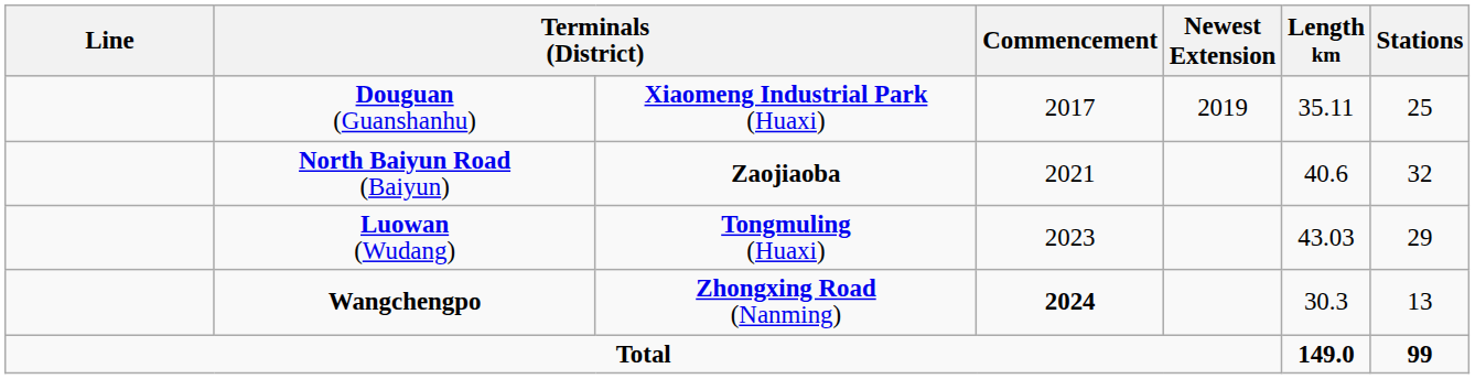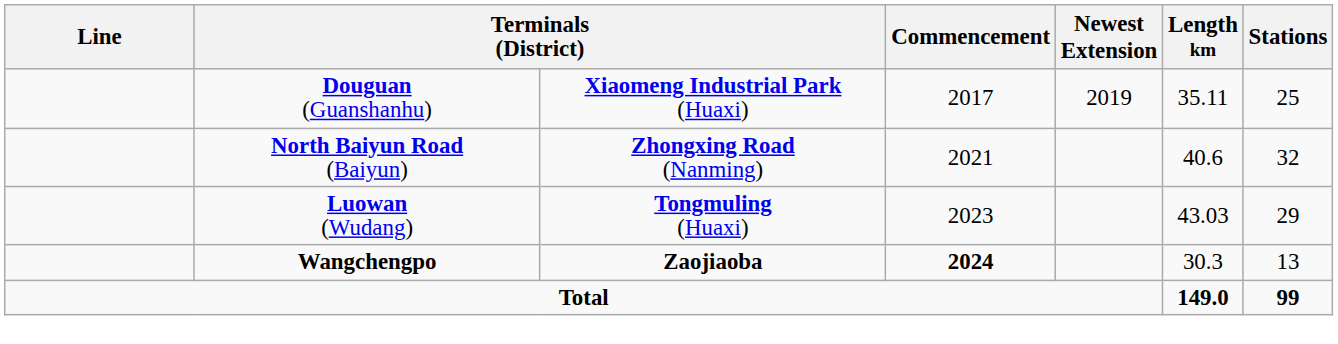 <table class="wikitable sortable" style="cell-padding:1.5; font-size:96%; text-align:center;">
 <tr>
 <th data-sort-type="text"style="width:120px;">Line</th>
 <th class="unsortable" colspan="2" style="width:450px; line-height:1.05">Terminals<br>(District)</th>
 <th>Commencement</th>
 <th>Newest<br>Extension</th>
 <th style="line-height:1.05">Length<br><small>km</small></th>
 <th style="line-height:1.05">Stations</th>
 </tr>
 <tr>
 <td style="text-align:center; line-height:1.05"></td>
 <td style="text-align:center; width:225px; line-height:1.05"><strong><a href='#'>Douguan</a></strong><br>(<a href='#'>Guanshanhu</a>)</td>
 <td style="text-align:center; width:225px; line-height:1.05"><strong><a href='#'>Xiaomeng Industrial Park</a></strong><br>(<a href='#'>Huaxi</a>)</td>
 <td style="text-align:center; line-height:1.05">2017</td>
 <td style="text-align:center; line-height:1.05">2019</td>
 <td style="text-align:center; line-height:1.05">35.11</td>
 <td style="text-align:center; line-height:1.05">25</td>
 </tr>
 <tr>
 <td style="text-align:center; line-height:1.05"></td>
 <td style="text-align:center; width:225px; line-height:1.05"><strong><a href='#'>North Baiyun Road</a></strong><br>(<a href='#'>Baiyun</a>)</td>
-<td style="text-align:center; width:225px; line-height:1.05"><strong>Zaojiaoba</strong></td>
+<td style="text-align:center; width:225px; line-height:1.05"><strong><a href='#'>Zhongxing Road</a></strong><br>(<a href='#'>Nanming</a>)</td>
 <td style="text-align:center; line-height:1.05">2021</td>
 <td style="text-align:center; line-height:1.05"></td>
 <td style="text-align:center; line-height:1.05">40.6</td>
 <td style="text-align:center; line-height:1.05">32</td>
 </tr>
 <tr>
 <td style="text-align:center; line-height:1.05"></td>
 <td style="text-align:center; width:225px; line-height:1.05"><strong><a href='#'>Luowan</a></strong><br>(<a href='#'>Wudang</a>)</td>
 <td style="text-align:center; width:225px; line-height:1.05"><strong><a href='#'>Tongmuling</a></strong><br>(<a href='#'>Huaxi</a>)</td>
 <td style="text-align:center; line-height:1.05">2023</td>
 <td style="text-align:center; line-height:1.05"></td>
 <td style="text-align:center; line-height:1.05">43.03</td>
 <td style="text-align:center; line-height:1.05">29</td>
 </tr>
 <tr>
 <td style="text-align:center; line-height:1.05"></td>
 <td style="text-align:center; width:225px; line-height:1.05"><strong>Wangchengpo</strong></td>
-<td style="text-align:center; width:225px; line-height:1.05"><strong><a href='#'>Zhongxing Road</a></strong><br>(<a href='#'>Nanming</a>)</td>
+<td style="text-align:center; width:225px; line-height:1.05"><strong>Zaojiaoba</strong></td>
 <td style="text-align:center; line-height:1.05"><strong>2024</strong></td>
 <td style="text-align:center; line-height:1.05"></td>
 <td style="text-align:center; line-height:1.05">30.3</td>
 <td style="text-align:center; line-height:1.05">13</td>
 </tr>
 <tr class="sortbottom">
 <td colspan="5" style="text-align:center; line-height:1.05"><strong>Total</strong></td>
 <td style="text-align:center; line-height:1.05"><strong>149.0</strong></td>
 <td style="text-align:center; line-height:1.05"><strong>99</strong></td>
 </tr>
 </table>
